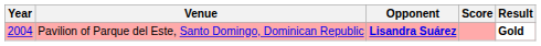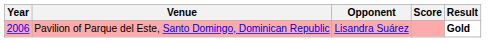 <table class="sortable wikitable" style="font-size: 90%;">
 <tr>
 <th>Year</th>
 <th>Venue</th>
 <th>Opponent</th>
 <th>Score</th>
 <th>Result</th>
 </tr>
 <tr style="background:#FFAAAA">
-<td align="center"><a href='#'>2004</a></td>
+<td align="center"><a href='#'>2006</a></td>
 <td align="left">Pavilion of Parque del Este, <a href='#'>Santo Domingo, Dominican Republic</a></td>
-<td align="left"><strong> <a href='#'>Lisandra Suárez</a></strong></td>
+<td align="left"> <a href='#'>Lisandra Suárez</a></td>
 <td align="left"></td>
 <td style="text-align:left; background:white"> <strong>Gold</strong></td>
 </tr>
 </table>
